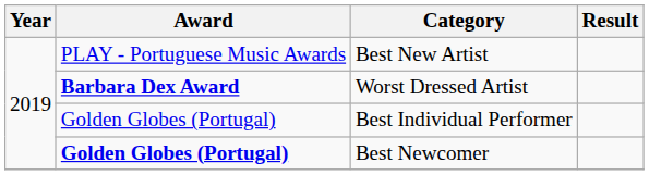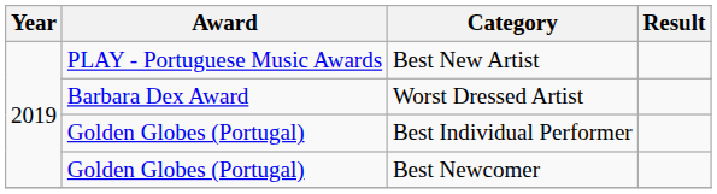 <table class="wikitable">
 <tr>
 <th>Year</th>
 <th>Award</th>
 <th>Category</th>
 <th>Result</th>
 </tr>
 <tr>
 <td rowspan="4">2019</td>
 <td><a href='#'>PLAY - Portuguese Music Awards</a></td>
 <td>Best New Artist</td>
 <td></td>
 </tr>
 <tr>
-<td><strong><a href='#'>Barbara Dex Award</a></strong></td>
+<td><a href='#'>Barbara Dex Award</a></td>
 <td>Worst Dressed Artist</td>
 <td></td>
 </tr>
 <tr>
 <td><a href='#'>Golden Globes (Portugal)</a></td>
 <td>Best Individual Performer</td>
 <td></td>
 </tr>
 <tr>
-<td><strong><a href='#'>Golden Globes (Portugal)</a></strong></td>
+<td><a href='#'>Golden Globes (Portugal)</a></td>
 <td>Best Newcomer</td>
 <td></td>
 </tr>
 <tr>
 </tr>
 </table>
